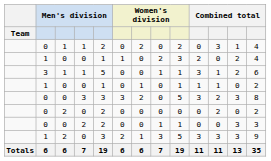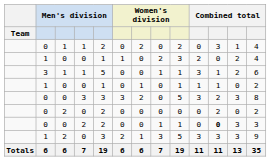 <table class="wikitable sortable" style="margin-top:0; text-align:center; font-size:90%;">
 <tr>
 <th></th>
 <th style="background-color:#cedff2;" colspan="4">Men's division</th>
 <th style="background-color:#f2f2ce;" colspan="4">Women's division</th>
 <th align="center" colspan="5">Combined total</th>
 </tr>
 <tr>
 <th>Team</th>
 <th style="background-color:#cedff2; width:2em;"></th>
 <th style="background-color:#cedff2; width:2em;"></th>
 <th style="background-color:#cedff2; width:2em;"></th>
 <th style="background-color:#cedff2; width:2em;"></th>
 <th style="background-color:#f2f2ce; width:2em;"></th>
 <th style="background-color:#f2f2ce; width:2em;"></th>
 <th style="background-color:#f2f2ce; width:2em;"></th>
 <th style="background-color:#f2f2ce; width:2em;"></th>
 <th style="width:2em;"></th>
 <th style="width:2em;"></th>
 <th style="width:2em;"></th>
 <th style="width:2em;"></th>
 </tr>
 <tr>
 <td align="left"></td>
 <td>0</td>
 <td>1</td>
 <td>1</td>
 <td>2</td>
 <td>0</td>
 <td>2</td>
 <td>0</td>
 <td>2</td>
 <td>0</td>
 <td>3</td>
 <td>1</td>
 <td>4</td>
 </tr>
 <tr>
 <td align="left"></td>
 <td>1</td>
 <td>0</td>
 <td>0</td>
 <td>1</td>
 <td>1</td>
 <td>0</td>
 <td>2</td>
 <td>3</td>
 <td>2</td>
 <td>0</td>
 <td>2</td>
 <td>4</td>
 </tr>
 <tr>
 <td align="left"></td>
 <td>3</td>
 <td>1</td>
 <td>1</td>
 <td>5</td>
 <td>0</td>
 <td>0</td>
 <td>1</td>
 <td>1</td>
 <td>3</td>
 <td>1</td>
 <td>2</td>
 <td>6</td>
 </tr>
 <tr>
 <td align="left"></td>
 <td>1</td>
 <td>0</td>
 <td>0</td>
 <td>1</td>
 <td>0</td>
 <td>1</td>
 <td>0</td>
 <td>1</td>
 <td>1</td>
 <td>1</td>
 <td>0</td>
 <td>2</td>
 </tr>
 <tr>
 <td align="left"></td>
 <td>0</td>
 <td>0</td>
 <td>3</td>
 <td>3</td>
 <td>3</td>
 <td>2</td>
 <td>0</td>
 <td>5</td>
 <td>3</td>
 <td>2</td>
 <td>3</td>
 <td>8</td>
 </tr>
 <tr>
 <td align="left"></td>
 <td>0</td>
 <td>2</td>
 <td>0</td>
 <td>2</td>
 <td>0</td>
 <td>0</td>
 <td>0</td>
 <td>0</td>
 <td>0</td>
 <td>2</td>
 <td>0</td>
 <td>2</td>
 </tr>
 <tr>
 <td align="left"></td>
 <td>0</td>
 <td>0</td>
 <td>2</td>
 <td>2</td>
 <td>0</td>
 <td>0</td>
 <td>1</td>
 <td>1</td>
 <td>0</td>
-<td>0</td>
+<td><strong>0</strong></td>
 <td>3</td>
 <td>3</td>
 </tr>
 <tr>
 <td align="left"></td>
 <td>1</td>
 <td>2</td>
 <td>0</td>
 <td>3</td>
 <td>2</td>
 <td>1</td>
 <td>3</td>
 <td>5</td>
 <td>3</td>
 <td>3</td>
 <td>3</td>
 <td>9</td>
 </tr>
 <tr class="sortbottom">
 <th>Totals</th>
 <th>6</th>
 <th>6</th>
 <th>7</th>
 <th>19</th>
 <th>6</th>
 <th>6</th>
 <th>7</th>
 <th>19</th>
 <th>11</th>
 <th>11</th>
 <th>13</th>
 <th>35</th>
 </tr>
 </table>
